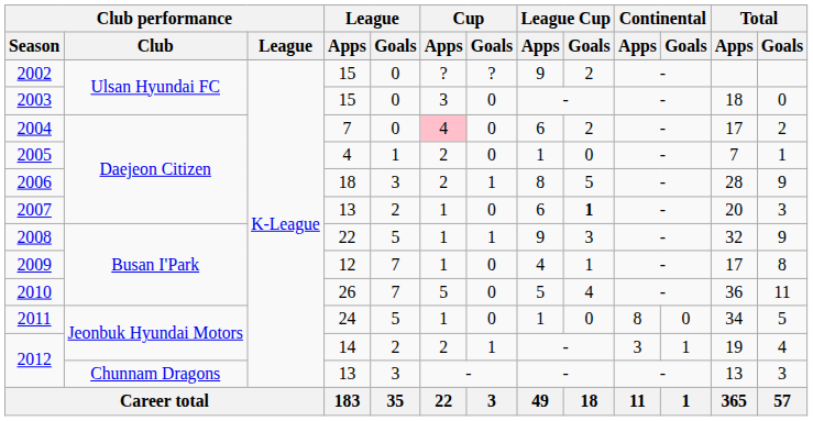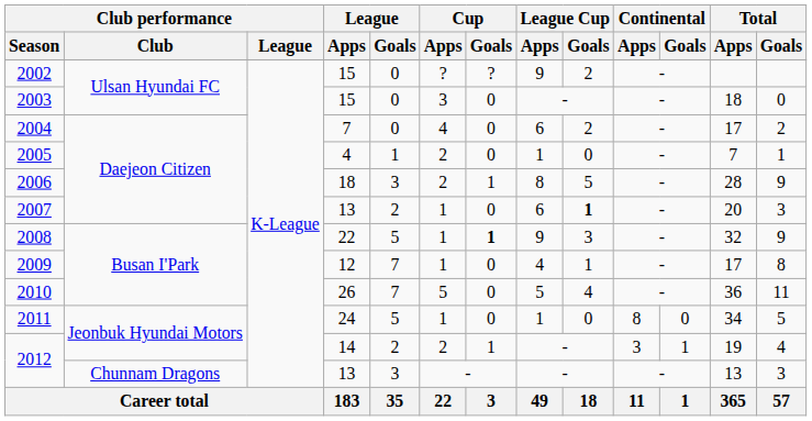 <table class="wikitable" style="text-align:center">
 <tr>
 <th colspan=3>Club performance</th>
 <th colspan=2>League</th>
 <th colspan=2>Cup</th>
 <th colspan=2>League Cup</th>
 <th colspan=2>Continental</th>
 <th colspan=2>Total</th>
 </tr>
 <tr>
 <th>Season</th>
 <th>Club</th>
 <th>League</th>
 <th>Apps</th>
 <th>Goals</th>
 <th>Apps</th>
 <th>Goals</th>
 <th>Apps</th>
 <th>Goals</th>
 <th>Apps</th>
 <th>Goals</th>
 <th>Apps</th>
 <th>Goals</th>
 </tr>
 <tr>
 </tr>
 <tr>
 <td><a href='#'>2002</a></td>
 <td rowspan="2"><a href='#'>Ulsan Hyundai FC</a></td>
 <td rowspan="12"><a href='#'>K-League</a></td>
 <td>15</td>
 <td>0</td>
 <td>?</td>
 <td>?</td>
 <td>9</td>
 <td>2</td>
 <td colspan="2">-</td>
 <td></td>
 <td></td>
 </tr>
 <tr>
 <td><a href='#'>2003</a></td>
 <td>15</td>
 <td>0</td>
 <td>3</td>
 <td>0</td>
 <td colspan="2">-</td>
 <td colspan="2">-</td>
 <td>18</td>
 <td>0</td>
 </tr>
 <tr>
 <td><a href='#'>2004</a></td>
 <td rowspan="4"><a href='#'>Daejeon Citizen</a></td>
 <td>7</td>
 <td>0</td>
-<td style="background: pink;">4</td>
+<td>4</td>
 <td>0</td>
 <td>6</td>
 <td>2</td>
 <td colspan="2">-</td>
 <td>17</td>
 <td>2</td>
 </tr>
 <tr>
 <td><a href='#'>2005</a></td>
 <td>4</td>
 <td>1</td>
 <td>2</td>
 <td>0</td>
 <td>1</td>
 <td>0</td>
 <td colspan="2">-</td>
 <td>7</td>
 <td>1</td>
 </tr>
 <tr>
 <td><a href='#'>2006</a></td>
 <td>18</td>
 <td>3</td>
 <td>2</td>
 <td>1</td>
 <td>8</td>
 <td>5</td>
 <td colspan="2">-</td>
 <td>28</td>
 <td>9</td>
 </tr>
 <tr>
 <td><a href='#'>2007</a></td>
 <td>13</td>
 <td>2</td>
 <td>1</td>
 <td>0</td>
 <td>6</td>
 <td><strong>1</strong></td>
 <td colspan="2">-</td>
 <td>20</td>
 <td>3</td>
 </tr>
 <tr>
 <td><a href='#'>2008</a></td>
 <td rowspan="3"><a href='#'>Busan I'Park</a></td>
 <td>22</td>
 <td>5</td>
 <td>1</td>
-<td>1</td>
+<td><strong>1</strong></td>
 <td>9</td>
 <td>3</td>
 <td colspan="2">-</td>
 <td>32</td>
 <td>9</td>
 </tr>
 <tr>
 <td><a href='#'>2009</a></td>
 <td>12</td>
 <td>7</td>
 <td>1</td>
 <td>0</td>
 <td>4</td>
 <td>1</td>
 <td colspan="2">-</td>
 <td>17</td>
 <td>8</td>
 </tr>
 <tr>
 <td><a href='#'>2010</a></td>
 <td>26</td>
 <td>7</td>
 <td>5</td>
 <td>0</td>
 <td>5</td>
 <td>4</td>
 <td colspan="2">-</td>
 <td>36</td>
 <td>11</td>
 </tr>
 <tr>
 <td><a href='#'>2011</a></td>
 <td rowspan="2"><a href='#'>Jeonbuk Hyundai Motors</a></td>
 <td>24</td>
 <td>5</td>
 <td>1</td>
 <td>0</td>
 <td>1</td>
 <td>0</td>
 <td>8</td>
 <td>0</td>
 <td>34</td>
 <td>5</td>
 </tr>
 <tr>
 <td rowspan="2"><a href='#'>2012</a></td>
 <td>14</td>
 <td>2</td>
 <td>2</td>
 <td>1</td>
 <td colspan="2">-</td>
 <td>3</td>
 <td>1</td>
 <td>19</td>
 <td>4</td>
 </tr>
 <tr>
 <td><a href='#'>Chunnam Dragons</a></td>
 <td>13</td>
 <td>3</td>
 <td colspan="2">-</td>
 <td colspan="2">-</td>
 <td colspan="2">-</td>
 <td>13</td>
 <td>3</td>
 </tr>
 <tr>
 <th colspan=3>Career total</th>
 <th>183</th>
 <th>35</th>
 <th>22</th>
 <th>3</th>
 <th>49</th>
 <th>18</th>
 <th>11</th>
 <th>1</th>
 <th>365</th>
 <th>57</th>
 </tr>
 </table>
